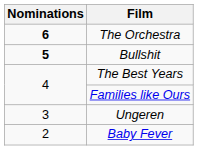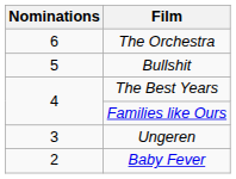 <table class="wikitable plainrowheaders" rowspan=2 style="text-align: center;" border="2" background: #f6e39c;>
 <tr>
 <th scope="col" style="width:55px;">Nominations</th>
 <th scope="col" style="text-align:center;">Film</th>
 </tr>
 <tr>
-<td><strong>6</strong></td>
+<td>6</td>
 <td><em>The Orchestra</em></td>
 </tr>
 <tr>
-<td><strong>5</strong></td>
+<td>5</td>
 <td><em>Bullshit</em></td>
 </tr>
 <tr>
 <td rowspan="2">4</td>
 <td><em>The Best Years</em></td>
 </tr>
 <tr>
 <td><em><a href='#'>Families like Ours</a></em></td>
 </tr>
 <tr>
 <td>3</td>
 <td><em>Ungeren</em></td>
 </tr>
 <tr>
 <td>2</td>
 <td><em><a href='#'>Baby Fever</a></em></td>
 </tr>
 </table>
